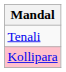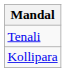 <table class="wikitable sortable static-row-numbers static-row-header-hash">
 <tr>
 <th>Mandal</th>
 </tr>
 <tr>
 <td><a href='#'>Tenali</a></td>
 </tr>
 <tr>
-<td style="background: pink;"><a href='#'>Kollipara</a></td>
+<td><a href='#'>Kollipara</a></td>
 </tr>
 </table>
